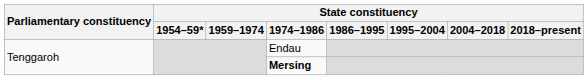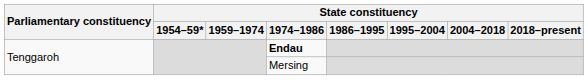 <table class="wikitable">
 <tr>
 <th rowspan="2">Parliamentary constituency</th>
 <th colspan="7">State constituency</th>
 </tr>
 <tr>
 <th>1954–59*</th>
 <th>1959–1974</th>
 <th>1974–1986</th>
 <th>1986–1995</th>
 <th>1995–2004</th>
 <th>2004–2018</th>
 <th>2018–present</th>
 </tr>
 <tr>
 <td rowspan="2">Tenggaroh</td>
 <td colspan="2" rowspan="2" bgcolor="dcdcdc"></td>
-<td>Endau</td>
+<td><strong>Endau</strong></td>
 <td colspan="4" bgcolor="dcdcdc"></td>
 </tr>
 <tr>
-<td><strong>Mersing</strong></td>
+<td>Mersing</td>
 <td colspan="4" bgcolor="dcdcdc"></td>
 </tr>
 </table>
